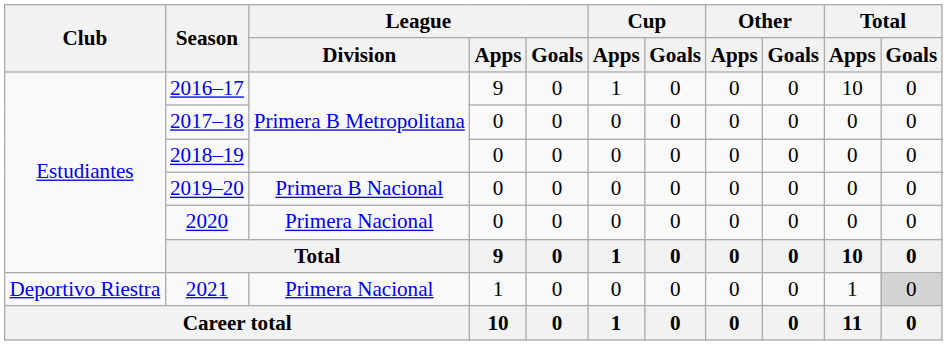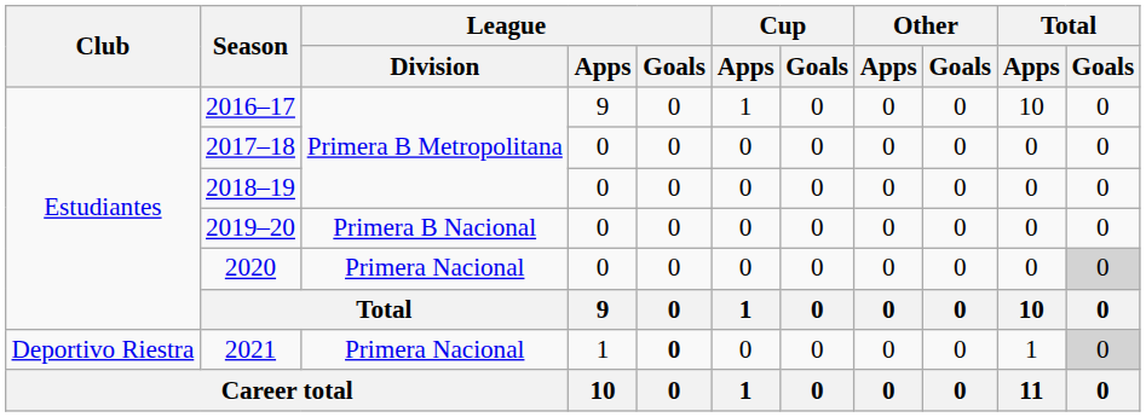 <table class="wikitable" style="text-align: center">
 <tr>
 <th rowspan="2">Club</th>
 <th rowspan="2">Season</th>
 <th colspan="3">League</th>
 <th colspan="2">Cup</th>
 <th colspan="2">Other</th>
 <th colspan="2">Total</th>
 </tr>
 <tr>
 <th>Division</th>
 <th>Apps</th>
 <th>Goals</th>
 <th>Apps</th>
 <th>Goals</th>
 <th>Apps</th>
 <th>Goals</th>
 <th>Apps</th>
 <th>Goals</th>
 </tr>
 <tr>
 <td rowspan="6"><a href='#'>Estudiantes</a></td>
 <td><a href='#'>2016–17</a></td>
 <td rowspan="3"><a href='#'>Primera B Metropolitana</a></td>
 <td>9</td>
 <td>0</td>
 <td>1</td>
 <td>0</td>
 <td>0</td>
 <td>0</td>
 <td>10</td>
 <td>0</td>
 </tr>
 <tr>
 <td><a href='#'>2017–18</a></td>
 <td>0</td>
 <td>0</td>
 <td>0</td>
 <td>0</td>
 <td>0</td>
 <td>0</td>
 <td>0</td>
 <td>0</td>
 </tr>
 <tr>
 <td><a href='#'>2018–19</a></td>
 <td>0</td>
 <td>0</td>
 <td>0</td>
 <td>0</td>
 <td>0</td>
 <td>0</td>
 <td>0</td>
 <td>0</td>
 </tr>
 <tr>
 <td><a href='#'>2019–20</a></td>
 <td><a href='#'>Primera B Nacional</a></td>
 <td>0</td>
 <td>0</td>
 <td>0</td>
 <td>0</td>
 <td>0</td>
 <td>0</td>
 <td>0</td>
 <td>0</td>
 </tr>
 <tr>
 <td><a href='#'>2020</a></td>
 <td><a href='#'>Primera Nacional</a></td>
 <td>0</td>
 <td>0</td>
 <td>0</td>
 <td>0</td>
 <td>0</td>
 <td>0</td>
 <td>0</td>
-<td>0</td>
+<td style="background: lightgrey;">0</td>
 </tr>
 <tr>
 <th colspan=2>Total</th>
 <th>9</th>
 <th>0</th>
 <th>1</th>
 <th>0</th>
 <th>0</th>
 <th>0</th>
 <th>10</th>
 <th>0</th>
 </tr>
 <tr>
 <td><a href='#'>Deportivo Riestra</a></td>
 <td><a href='#'>2021</a></td>
 <td><a href='#'>Primera Nacional</a></td>
 <td>1</td>
-<td>0</td>
+<td><strong>0</strong></td>
 <td>0</td>
 <td>0</td>
 <td>0</td>
 <td>0</td>
 <td>1</td>
 <td style="background: lightgrey;">0</td>
 </tr>
 <tr>
 <th colspan=3>Career total</th>
 <th>10</th>
 <th>0</th>
 <th>1</th>
 <th>0</th>
 <th>0</th>
 <th>0</th>
 <th>11</th>
 <th>0</th>
 </tr>
 </table>
